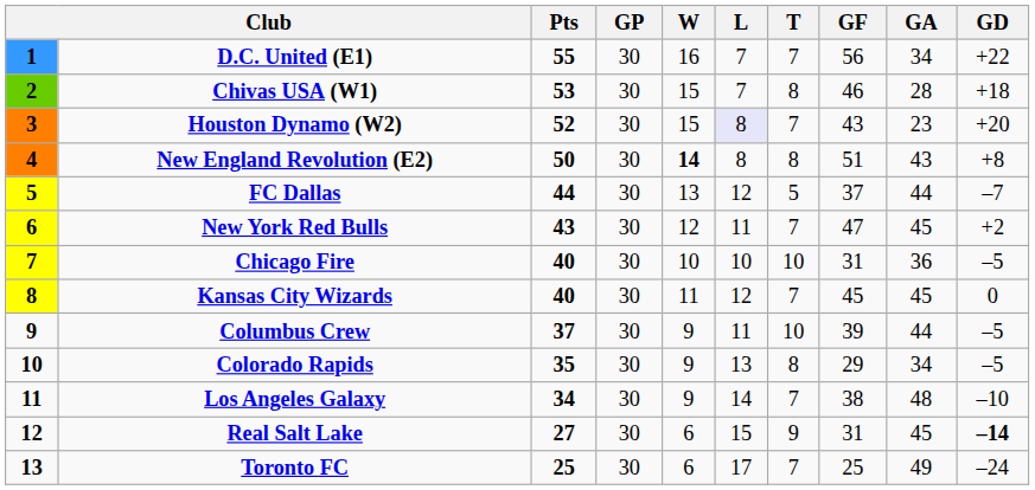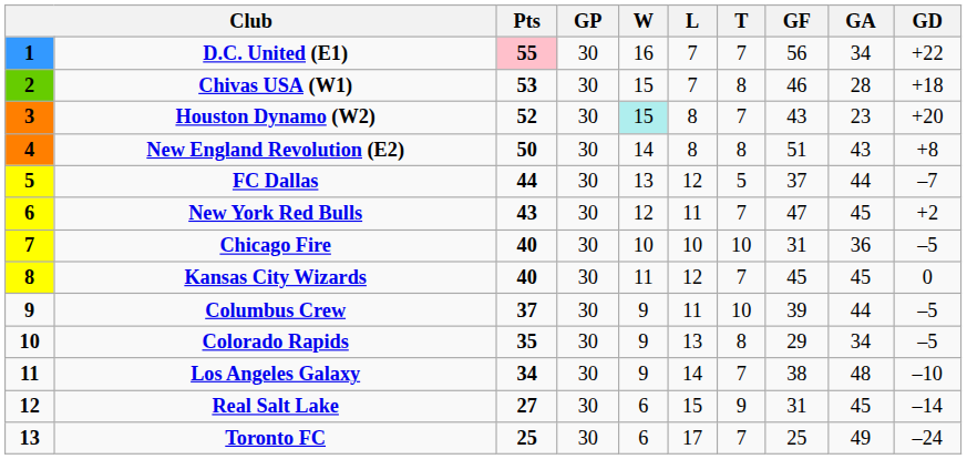 <table class="wikitable" width=60% style="text-align:center">
 <tr>
 <th colspan="2">Club</th>
 <th>Pts</th>
 <th>GP</th>
 <th>W</th>
 <th>L</th>
 <th>T</th>
 <th>GF</th>
 <th>GA</th>
 <th>GD</th>
 </tr>
 <tr>
 <td bgcolor=#3399FF><strong>1</strong></td>
 <td><strong><a href='#'>D.C. United</a> (E1)</strong></td>
-<td><strong>55</strong></td>
+<td style="background: pink;"><strong>55</strong></td>
 <td>30</td>
 <td>16</td>
 <td>7</td>
 <td>7</td>
 <td>56</td>
 <td>34</td>
 <td>+22</td>
 </tr>
 <tr>
 <td bgcolor=#66CC00><strong>2</strong></td>
 <td><strong><a href='#'>Chivas USA</a></strong> <strong>(W1)</strong></td>
 <td><strong>53</strong></td>
 <td>30</td>
 <td>15</td>
 <td>7</td>
 <td>8</td>
 <td>46</td>
 <td>28</td>
 <td>+18</td>
 </tr>
 <tr>
 <td bgcolor=#FF7F00><strong>3</strong></td>
 <td><strong><a href='#'>Houston Dynamo</a></strong> <strong>(W2)</strong></td>
 <td><strong>52</strong></td>
 <td>30</td>
-<td>15</td>
-<td style="background: lavender;">8</td>
+<td style="background: paleturquoise;">15</td>
+<td>8</td>
 <td>7</td>
 <td>43</td>
 <td>23</td>
 <td>+20</td>
 </tr>
 <tr>
 <td bgcolor=#FF7F00><strong>4</strong></td>
 <td><strong><a href='#'>New England Revolution</a></strong> <strong>(E2)</strong></td>
 <td><strong>50</strong></td>
 <td>30</td>
-<td><strong>14</strong></td>
+<td>14</td>
 <td>8</td>
 <td>8</td>
 <td>51</td>
 <td>43</td>
 <td>+8</td>
 </tr>
 <tr>
 <td bgcolor=#FFFF00><strong>5</strong></td>
 <td><strong><a href='#'>FC Dallas</a></strong></td>
 <td><strong>44</strong></td>
 <td>30</td>
 <td>13</td>
 <td>12</td>
 <td>5</td>
 <td>37</td>
 <td>44</td>
 <td>–7</td>
 </tr>
 <tr>
 <td bgcolor=#FFFF00><strong>6</strong></td>
 <td><strong><a href='#'>New York Red Bulls</a></strong></td>
 <td><strong>43</strong></td>
 <td>30</td>
 <td>12</td>
 <td>11</td>
 <td>7</td>
 <td>47</td>
 <td>45</td>
 <td>+2</td>
 </tr>
 <tr>
 <td bgcolor=#FFFF00><strong>7</strong></td>
 <td><strong><a href='#'>Chicago Fire</a></strong></td>
 <td><strong>40</strong></td>
 <td>30</td>
 <td>10</td>
 <td>10</td>
 <td>10</td>
 <td>31</td>
 <td>36</td>
 <td>–5</td>
 </tr>
 <tr>
 <td bgcolor=#FFFF00><strong>8</strong></td>
 <td><strong><a href='#'>Kansas City Wizards</a></strong></td>
 <td><strong>40</strong></td>
 <td>30</td>
 <td>11</td>
 <td>12</td>
 <td>7</td>
 <td>45</td>
 <td>45</td>
 <td>0</td>
 </tr>
 <tr>
 <td><strong>9</strong></td>
 <td><strong><a href='#'>Columbus Crew</a></strong></td>
 <td><strong>37</strong></td>
 <td>30</td>
 <td>9</td>
 <td>11</td>
 <td>10</td>
 <td>39</td>
 <td>44</td>
 <td>–5</td>
 </tr>
 <tr>
 <td><strong>10</strong></td>
 <td><strong><a href='#'>Colorado Rapids</a></strong></td>
 <td><strong>35</strong></td>
 <td>30</td>
 <td>9</td>
 <td>13</td>
 <td>8</td>
 <td>29</td>
 <td>34</td>
 <td>–5</td>
 </tr>
 <tr>
 <td><strong>11</strong></td>
 <td><strong><a href='#'>Los Angeles Galaxy</a></strong></td>
 <td><strong>34</strong></td>
 <td>30</td>
 <td>9</td>
 <td>14</td>
 <td>7</td>
 <td>38</td>
 <td>48</td>
 <td>–10</td>
 </tr>
 <tr>
 <td><strong>12</strong></td>
 <td><strong><a href='#'>Real Salt Lake</a></strong></td>
 <td><strong>27</strong></td>
 <td>30</td>
 <td>6</td>
 <td>15</td>
 <td>9</td>
 <td>31</td>
 <td>45</td>
-<td><strong>–14</strong></td>
+<td>–14</td>
 </tr>
 <tr>
 <td><strong>13</strong></td>
 <td><strong><a href='#'>Toronto FC</a></strong></td>
 <td><strong>25</strong></td>
 <td>30</td>
 <td>6</td>
 <td>17</td>
 <td>7</td>
 <td>25</td>
 <td>49</td>
 <td>–24</td>
 </tr>
 </table>
